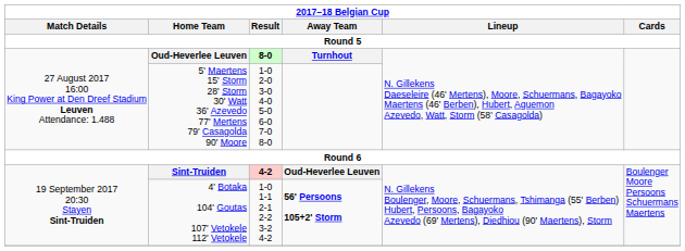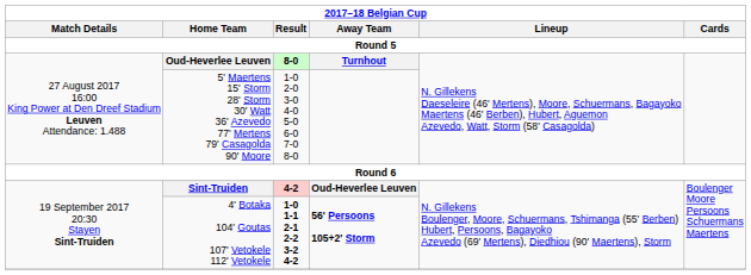 <table class="wikitable" style="font-size:85%">
 <tr>
 <td colspan="6" align="center" style="background:white;"><strong><a href='#'>2017–18 Belgian Cup</a></strong></td>
 </tr>
 <tr>
 <th>Match Details</th>
 <th>Home Team</th>
 <th>Result</th>
 <th>Away Team</th>
 <th>Lineup</th>
 <th>Cards</th>
 </tr>
 <tr>
 <td style="background:white;" align="center" colspan="6"><strong>Round 5</strong></td>
 </tr>
 <tr>
 <td rowspan="2" align="center">27 August 2017<br>16:00<br><a href='#'>King Power at Den Dreef Stadium</a><br><strong>Leuven</strong><br>Attendance: 1.488<br></td>
 <th><strong>Oud-Heverlee Leuven</strong></th>
 <th style="background: #CCFFCC;">8-0</th>
 <th><a href='#'>Turnhout</a></th>
 <td rowspan="2"><a href='#'>N. Gillekens</a><br><a href='#'>Daeseleire</a> (46' <a href='#'>Mertens</a>), <a href='#'>Moore</a>, <a href='#'>Schuermans</a>, <a href='#'>Bagayoko</a><br><a href='#'>Maertens</a> (46' <a href='#'>Berben</a>), <a href='#'>Hubert</a>, <a href='#'>Aguemon</a><br><a href='#'>Azevedo</a>, <a href='#'>Watt</a>, <a href='#'>Storm</a> (58' <a href='#'>Casagolda</a>)</td>
 <td rowspan="2" valign="top"></td>
 </tr>
 <tr valign="top">
 <td align="right">5' <a href='#'>Maertens</a><br>15' <a href='#'>Storm</a><br>28' <a href='#'>Storm</a><br>30' <a href='#'>Watt</a><br>36' <a href='#'>Azevedo</a><br>77' <a href='#'>Mertens</a><br>79' <a href='#'>Casagolda</a><br>90' <a href='#'>Moore</a></td>
 <td align="center">1-0<br>2-0<br>3-0<br>4-0<br>5-0<br>6-0<br>7-0<br>8-0</td>
 <td></td>
 </tr>
 <tr>
 <td style="background:white;" align="center" colspan="6"><strong>Round 6</strong></td>
 </tr>
 <tr>
 <td rowspan="2" align="center">19 September 2017<br>20:30<br><a href='#'>Stayen</a><br><strong>Sint-Truiden</strong><br></td>
 <th><a href='#'>Sint-Truiden</a></th>
 <th style="background: #FFCCCC;">4-2 </th>
 <th><strong>Oud-Heverlee Leuven</strong></th>
 <td rowspan="2"><a href='#'>N. Gillekens</a><br><a href='#'>Boulenger</a>, <a href='#'>Moore</a>, <a href='#'>Schuermans</a>, <a href='#'>Tshimanga</a> (55' <a href='#'>Berben</a>)<br><a href='#'>Hubert</a>, <a href='#'>Persoons</a>, <a href='#'>Bagayoko</a><br><a href='#'>Azevedo</a> (69' <a href='#'>Mertens</a>), <a href='#'>Diedhiou</a> (90' <a href='#'>Maertens</a>), <a href='#'>Storm</a></td>
 <td rowspan="2" valign="top"> <a href='#'>Boulenger</a><br> <a href='#'>Moore</a><br> <a href='#'>Persoons</a><br> <a href='#'>Schuermans</a><br> <a href='#'>Maertens</a></td>
 </tr>
 <tr valign="top">
 <td align="right">4' <a href='#'>Botaka</a><br><br>104' <a href='#'>Goutas</a><br><br>107' <a href='#'>Vetokele</a><br>112' <a href='#'>Vetokele</a></td>
-<td align="center">1-0<br>1-1<br>2-1<br>2-2<br>3-2<br>4-2</td>
+<td align="center"><strong>1-0<br>1-1<br>2-1<br>2-2<br>3-2<br>4-2</strong></td>
 <td><strong><br>56' <a href='#'>Persoons</a><br><br>105+2' <a href='#'>Storm</a></strong></td>
 </tr>
 <tr>
 </tr>
 </table>
